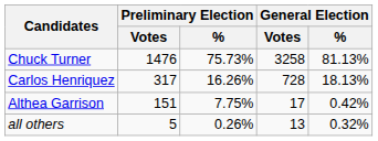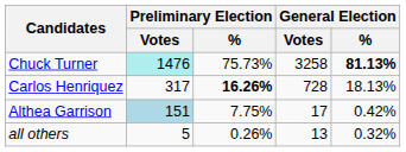 <table class=wikitable>
 <tr>
 <th colspan=1 rowspan=2><strong>Candidates</strong></th>
 <th colspan=2><strong>Preliminary Election</strong></th>
 <th colspan=2><strong>General Election</strong></th>
 </tr>
 <tr>
 <th>Votes</th>
 <th>%</th>
 <th>Votes</th>
 <th>%</th>
 </tr>
 <tr>
 <td><a href='#'>Chuck Turner</a></td>
-<td align="right">1476</td>
+<td align="right" style="background: paleturquoise;">1476</td>
 <td align="right">75.73%</td>
 <td align="right">3258</td>
-<td align="right">81.13%</td>
+<td align="right"><strong>81.13%</strong></td>
 </tr>
 <tr>
 <td><a href='#'>Carlos Henriquez</a></td>
 <td align="right">317</td>
-<td align="right">16.26%</td>
+<td align="right"><strong>16.26%</strong></td>
 <td align="right">728</td>
 <td align="right">18.13%</td>
 </tr>
 <tr>
 <td><a href='#'>Althea Garrison</a></td>
-<td align="right">151</td>
+<td align="right" style="background: lightblue;">151</td>
 <td align="right">7.75%</td>
 <td align="right">17</td>
 <td align="right">0.42%</td>
 </tr>
 <tr>
 <td><em>all others</em></td>
 <td align="right">5</td>
 <td align="right">0.26%</td>
 <td align="right">13</td>
 <td align="right">0.32%</td>
 </tr>
 </table>
